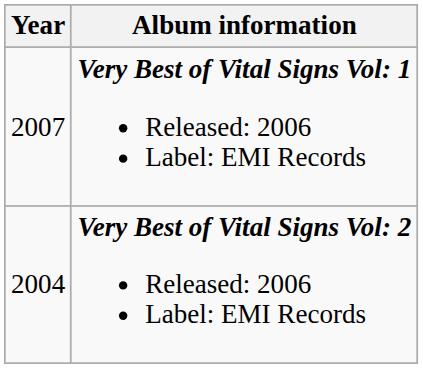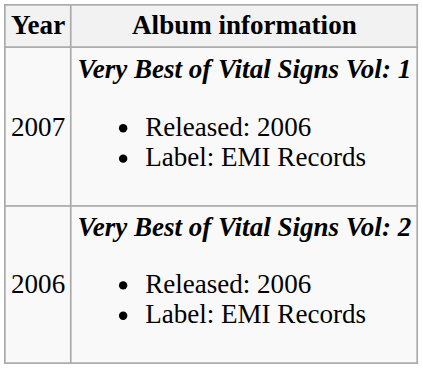 <table class="wikitable">
 <tr>
 <th>Year</th>
 <th>Album information</th>
 </tr>
 <tr>
 <td>2007</td>
 <td><strong><em>Very Best of Vital Signs Vol: 1</em></strong><br><ul><li>Released: 2006</li><li>Label: EMI Records</li></ul></td>
 </tr>
 <tr>
-<td>2004</td>
+<td>2006</td>
 <td><strong><em>Very Best of Vital Signs Vol: 2</em></strong><br><ul><li>Released: 2006</li><li>Label: EMI Records</li></ul></td>
 </tr>
 </table>
